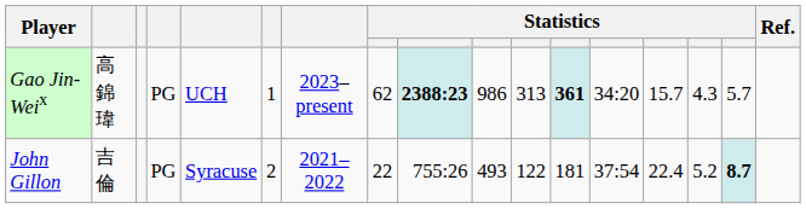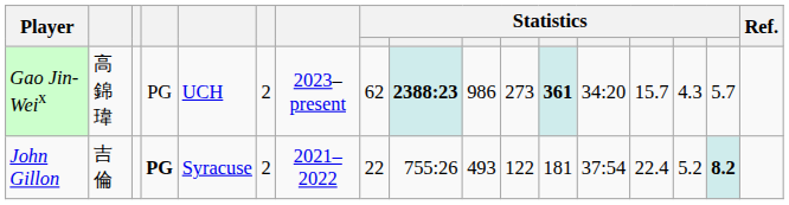 <table class="wikitable sortable" style="font-size:95%; text-align:right;">
 <tr>
 <th rowspan="2">Player</th>
 <th rowspan="2"></th>
 <th rowspan="2"></th>
 <th rowspan="2"></th>
 <th rowspan="2"></th>
 <th rowspan="2"></th>
 <th rowspan="2"></th>
 <th colspan="9">Statistics</th>
 <th rowspan="2">Ref.</th>
 </tr>
 <tr>
 <th></th>
 <th></th>
 <th></th>
 <th></th>
 <th></th>
 <th></th>
 <th></th>
 <th></th>
 <th></th>
 </tr>
 <tr>
 <td align="left" bgcolor="#CCFFCC"><em>Gao Jin-Wei</em><sup>x</sup></td>
 <td align="left">高錦瑋</td>
 <td align="center"></td>
 <td align="center">PG</td>
 <td align="left"><a href='#'>UCH</a></td>
-<td align="center">1</td>
+<td align="center">2</td>
 <td align="center"><a href='#'>2023</a>–<a href='#'>present</a></td>
 <td>62</td>
 <td bgcolor="#CFECEC"><strong>2388:23</strong></td>
 <td>986</td>
-<td>313</td>
+<td>273</td>
 <td bgcolor="#CFECEC"><strong>361</strong></td>
 <td>34:20</td>
 <td>15.7</td>
 <td>4.3</td>
 <td>5.7</td>
 <td align="center"></td>
 </tr>
 <tr>
 <td align="left"><em><a href='#'>John Gillon</a></em></td>
 <td align="left">吉倫</td>
 <td align="center"></td>
-<td align="center">PG</td>
+<td align="center"><strong>PG</strong></td>
 <td align="left"><a href='#'>Syracuse</a></td>
 <td align="center">2</td>
 <td align="center"><a href='#'>2021–2022</a></td>
 <td>22</td>
 <td>755:26</td>
 <td>493</td>
 <td>122</td>
 <td>181</td>
 <td>37:54</td>
 <td>22.4</td>
 <td>5.2</td>
-<td bgcolor="#CFECEC"><strong>8.7</strong></td>
+<td bgcolor="#CFECEC"><strong>8.2</strong></td>
 <td align="center"></td>
 </tr>
 </table>
